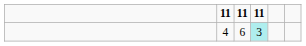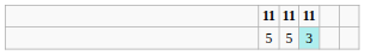 <table class="wikitable">
 <tr>
 <td style="width:18em"><strong> </strong></td>
 <td align=center style="width:1em"><strong>11</strong></td>
 <td align=center style="width:1em"><strong>11</strong></td>
 <td align=center style="width:1em"><strong>11</strong></td>
 <td align=center style="width:1em"></td>
 <td align=center style="width:1em"></td>
 </tr>
 <tr>
 <td style="width:18em"></td>
-<td align=center style="width:1em">4</td>
-<td align=center style="width:1em">6</td>
+<td align=center style="width:1em">5</td>
+<td align=center style="width:1em">5</td>
 <td align=center style="background: paleturquoise; width:1em">3</td>
 <td align=center style="width:1em"></td>
 <td align=center style="width:1em"></td>
 </tr>
 </table>
